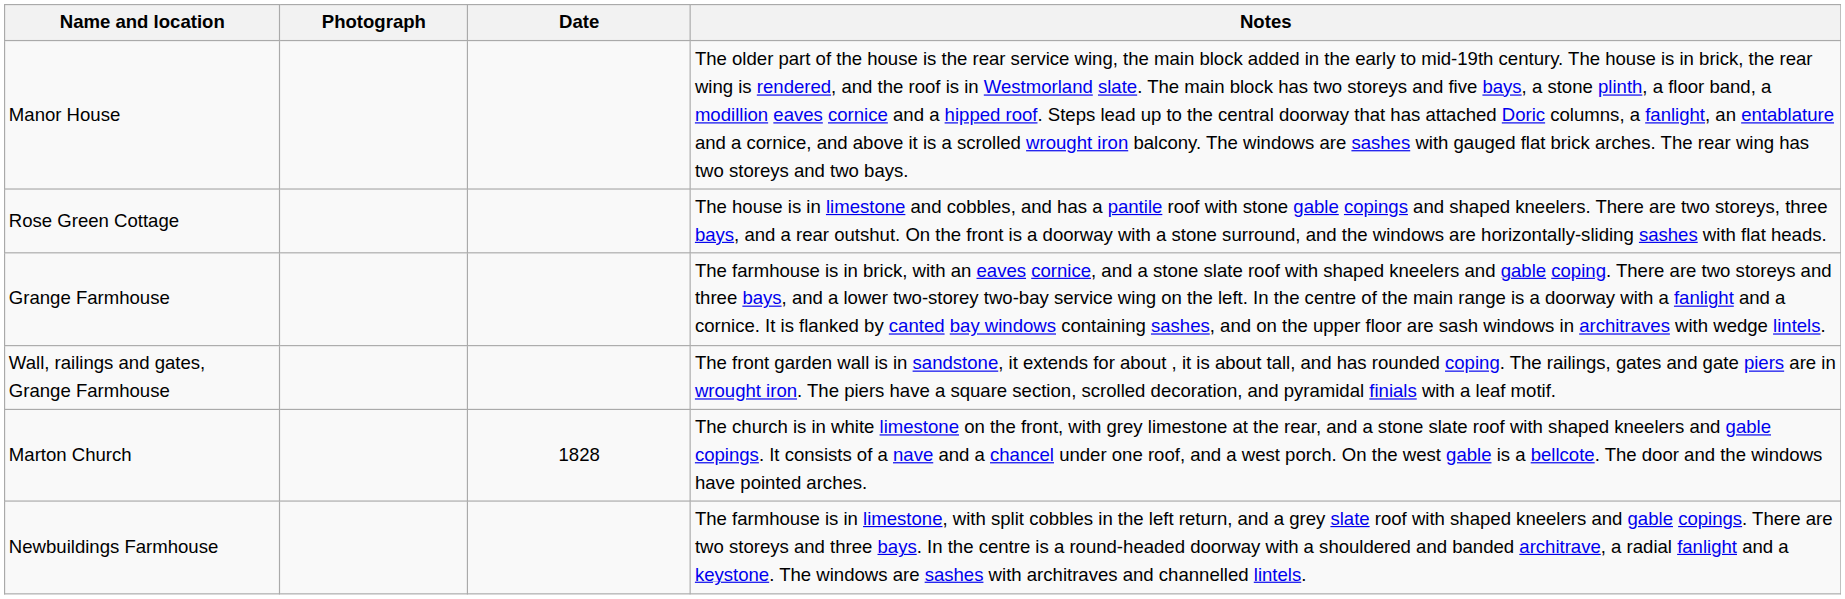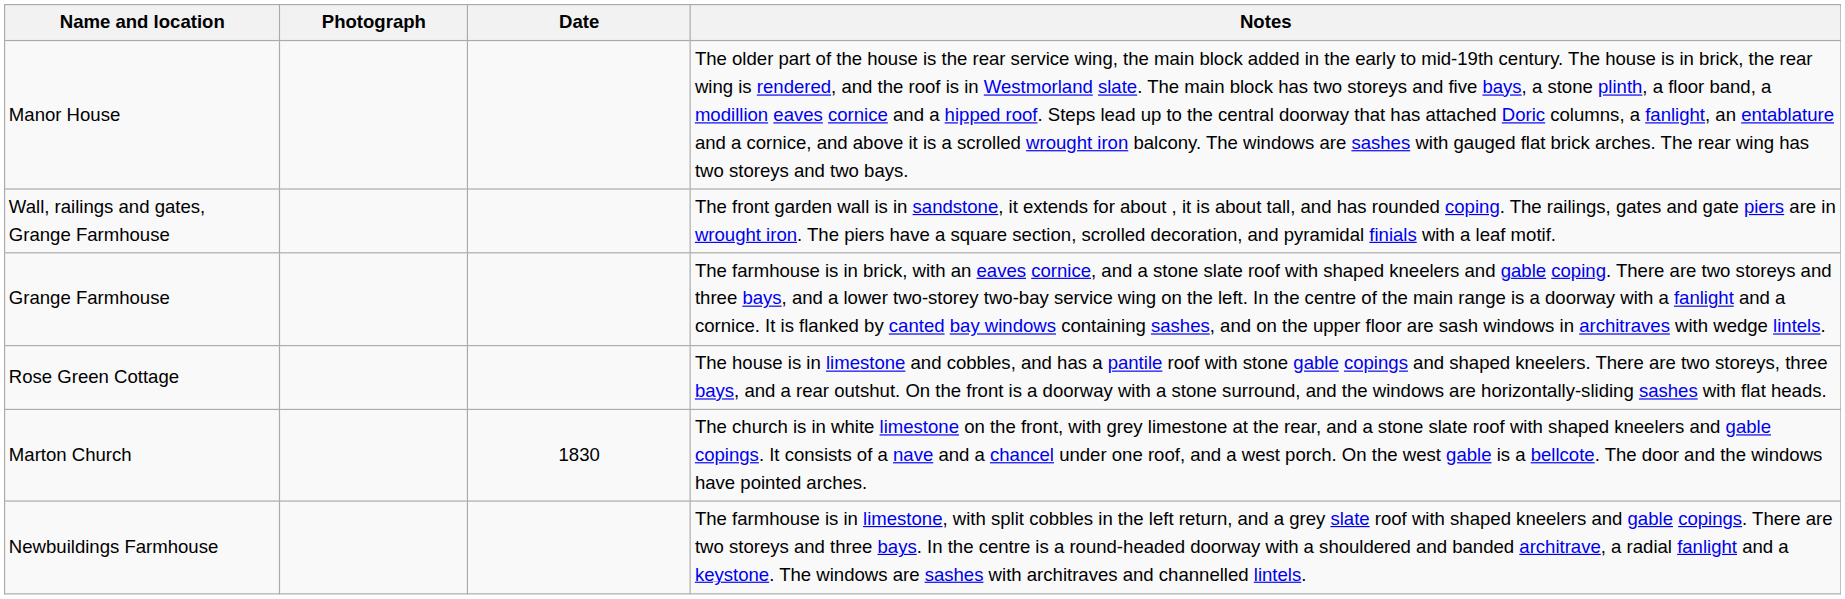 <table class="wikitable sortable plainrowheaders" style="width:100%;border:0px;text-align:left;line-height:150%;">
 <tr>
 <th scope="col"  style="width:150px">Name and location</th>
 <th scope="col"  style="width:100px" class="unsortable">Photograph</th>
 <th scope="col"  style="width:120px">Date</th>
 <th scope="col"  style="width:650px" class="unsortable">Notes</th>
 </tr>
 <tr>
 <td>Manor House<br><small></small></td>
 <td></td>
 <td align="center"></td>
 <td>The older part of the house is the rear service wing, the main block added in the early to mid-19th century. The house is in brick, the rear wing is <a href='#'>rendered</a>, and the roof is in <a href='#'>Westmorland</a> <a href='#'>slate</a>. The main block has two storeys and five <a href='#'>bays</a>, a stone <a href='#'>plinth</a>, a floor band, a <a href='#'>modillion</a> <a href='#'>eaves</a> <a href='#'>cornice</a> and a <a href='#'>hipped roof</a>. Steps lead up to the central doorway that has attached <a href='#'>Doric</a> columns, a <a href='#'>fanlight</a>, an <a href='#'>entablature</a> and a cornice, and above it is a scrolled <a href='#'>wrought iron</a> balcony. The windows are <a href='#'>sashes</a> with gauged flat brick arches. The rear wing has two storeys and two bays.</td>
 </tr>
 <tr>
-<td>Rose Green Cottage<br><small></small></td>
+<td>Wall, railings and gates,<br>Grange Farmhouse<br><small></small></td>
 <td></td>
 <td align="center"></td>
-<td>The house is in <a href='#'>limestone</a> and cobbles, and has a <a href='#'>pantile</a> roof with stone <a href='#'>gable</a> <a href='#'>copings</a> and shaped kneelers. There are two storeys, three <a href='#'>bays</a>, and a rear outshut. On the front is a doorway with a stone surround, and the windows are horizontally-sliding <a href='#'>sashes</a> with flat heads.</td>
+<td>The front garden wall is in <a href='#'>sandstone</a>, it extends for about , it is about  tall, and has rounded <a href='#'>coping</a>. The railings, gates and gate <a href='#'>piers</a> are in <a href='#'>wrought iron</a>. The piers have a square section, scrolled decoration, and pyramidal <a href='#'>finials</a> with a leaf motif.</td>
 </tr>
 <tr>
 <td>Grange Farmhouse<br><small></small></td>
 <td></td>
 <td align="center"></td>
 <td>The farmhouse is in brick, with an <a href='#'>eaves</a> <a href='#'>cornice</a>, and a stone slate roof with shaped kneelers and <a href='#'>gable</a> <a href='#'>coping</a>. There are two storeys and three <a href='#'>bays</a>, and a lower two-storey two-bay service wing on the left. In the centre of the main range is a doorway with a <a href='#'>fanlight</a> and a cornice. It is flanked by <a href='#'>canted</a> <a href='#'>bay windows</a> containing <a href='#'>sashes</a>, and on the upper floor are sash windows in <a href='#'>architraves</a> with wedge <a href='#'>lintels</a>.</td>
 </tr>
 <tr>
-<td>Wall, railings and gates,<br>Grange Farmhouse<br><small></small></td>
+<td>Rose Green Cottage<br><small></small></td>
 <td></td>
 <td align="center"></td>
-<td>The front garden wall is in <a href='#'>sandstone</a>, it extends for about , it is about  tall, and has rounded <a href='#'>coping</a>. The railings, gates and gate <a href='#'>piers</a> are in <a href='#'>wrought iron</a>. The piers have a square section, scrolled decoration, and pyramidal <a href='#'>finials</a> with a leaf motif.</td>
+<td>The house is in <a href='#'>limestone</a> and cobbles, and has a <a href='#'>pantile</a> roof with stone <a href='#'>gable</a> <a href='#'>copings</a> and shaped kneelers. There are two storeys, three <a href='#'>bays</a>, and a rear outshut. On the front is a doorway with a stone surround, and the windows are horizontally-sliding <a href='#'>sashes</a> with flat heads.</td>
 </tr>
 <tr>
 <td>Marton Church<br><small></small></td>
 <td></td>
-<td align="center">1828</td>
+<td align="center">1830</td>
 <td>The church is in white <a href='#'>limestone</a> on the front, with grey limestone at the rear, and a stone slate roof with shaped kneelers and <a href='#'>gable</a> <a href='#'>copings</a>. It consists of a <a href='#'>nave</a> and a <a href='#'>chancel</a> under one roof, and a west porch. On the west <a href='#'>gable</a> is a <a href='#'>bellcote</a>. The door and the windows have pointed arches.</td>
 </tr>
 <tr>
 <td>Newbuildings Farmhouse<br><small></small></td>
 <td></td>
 <td align="center"></td>
 <td>The farmhouse is in <a href='#'>limestone</a>, with split cobbles in the left return, and a grey <a href='#'>slate</a> roof with shaped kneelers and <a href='#'>gable</a> <a href='#'>copings</a>. There are two storeys and three <a href='#'>bays</a>. In the centre is a round-headed doorway with a shouldered and banded <a href='#'>architrave</a>, a radial <a href='#'>fanlight</a> and a <a href='#'>keystone</a>. The windows are <a href='#'>sashes</a> with architraves and channelled <a href='#'>lintels</a>.</td>
 </tr>
 <tr>
 </tr>
 </table>
